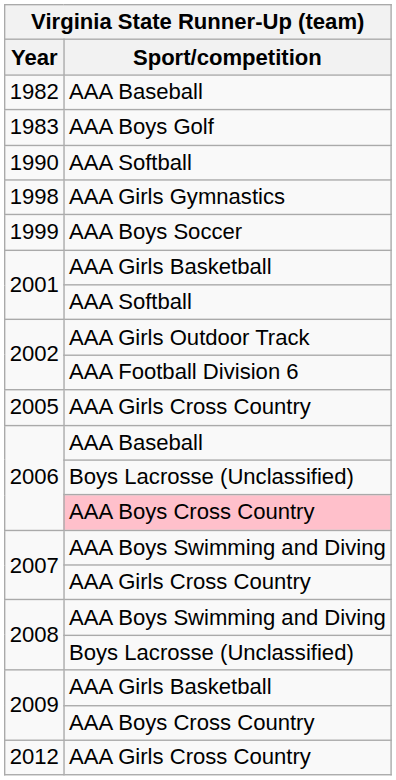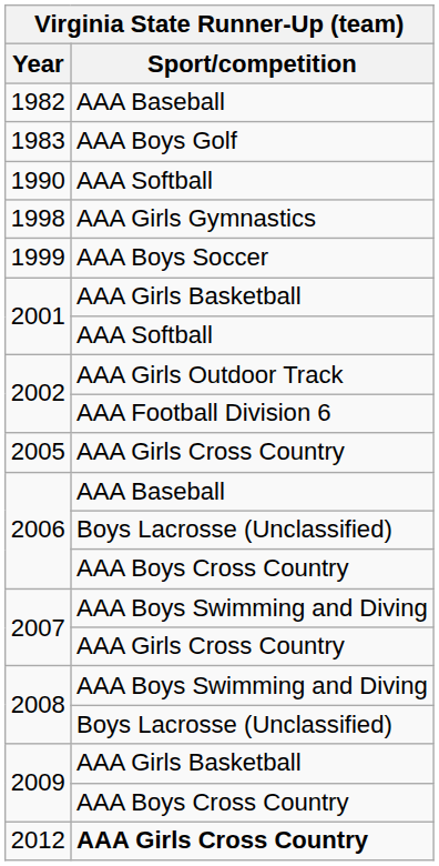 <table class="wikitable mw-collapsible mw-collapsed">
 <tr>
 <th colspan=4>Virginia State Runner-Up (team)</th>
 </tr>
 <tr>
 <th>Year</th>
 <th>Sport/competition</th>
 </tr>
 <tr>
 <td>1982</td>
 <td>AAA Baseball</td>
 </tr>
 <tr>
 <td>1983</td>
 <td>AAA Boys Golf</td>
 </tr>
 <tr>
 <td>1990</td>
 <td>AAA Softball</td>
 </tr>
 <tr>
 <td>1998</td>
 <td>AAA Girls Gymnastics</td>
 </tr>
 <tr>
 <td>1999</td>
 <td>AAA Boys Soccer</td>
 </tr>
 <tr>
 <td rowspan=2>2001</td>
 <td>AAA Girls Basketball</td>
 </tr>
 <tr>
 <td>AAA Softball</td>
 </tr>
 <tr>
 <td rowspan=2>2002</td>
 <td>AAA Girls Outdoor Track</td>
 </tr>
 <tr>
 <td>AAA Football Division 6</td>
 </tr>
 <tr>
 <td>2005</td>
 <td>AAA Girls Cross Country</td>
 </tr>
 <tr>
 <td rowspan=3>2006</td>
 <td>AAA Baseball</td>
 </tr>
 <tr>
 <td>Boys Lacrosse (Unclassified)</td>
 </tr>
 <tr>
-<td style="background: pink;">AAA Boys Cross Country</td>
+<td>AAA Boys Cross Country</td>
 </tr>
 <tr>
 <td rowspan=2>2007</td>
 <td>AAA Boys Swimming and Diving</td>
 </tr>
 <tr>
 <td>AAA Girls Cross Country</td>
 </tr>
 <tr>
 <td rowspan=2>2008</td>
 <td>AAA Boys Swimming and Diving</td>
 </tr>
 <tr>
 <td>Boys Lacrosse (Unclassified)</td>
 </tr>
 <tr>
 <td rowspan=2>2009</td>
 <td>AAA Girls Basketball</td>
 </tr>
 <tr>
 <td>AAA Boys Cross Country</td>
 </tr>
 <tr>
 <td>2012</td>
-<td>AAA Girls Cross Country</td>
+<td><strong>AAA Girls Cross Country</strong></td>
 </tr>
 </table>
